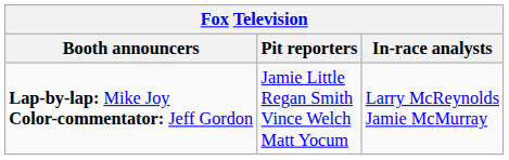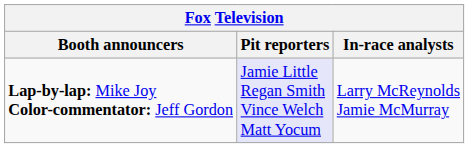 <table class="wikitable" style="font-size: 95%">
 <tr>
 <th colspan="3"><a href='#'>Fox</a> <a href='#'>Television</a></th>
 </tr>
 <tr>
 <th>Booth announcers</th>
 <th>Pit reporters</th>
 <th>In-race analysts</th>
 </tr>
 <tr>
 <td><strong>Lap-by-lap:</strong> <a href='#'>Mike Joy</a><br><strong>Color-commentator:</strong> <a href='#'>Jeff Gordon</a></td>
-<td><a href='#'>Jamie Little</a><br><a href='#'>Regan Smith</a><br><a href='#'>Vince Welch</a><br><a href='#'>Matt Yocum</a></td>
+<td style="background: lavender;"><a href='#'>Jamie Little</a><br><a href='#'>Regan Smith</a><br><a href='#'>Vince Welch</a><br><a href='#'>Matt Yocum</a></td>
 <td><a href='#'>Larry McReynolds</a><br><a href='#'>Jamie McMurray</a></td>
 </tr>
 </table>
